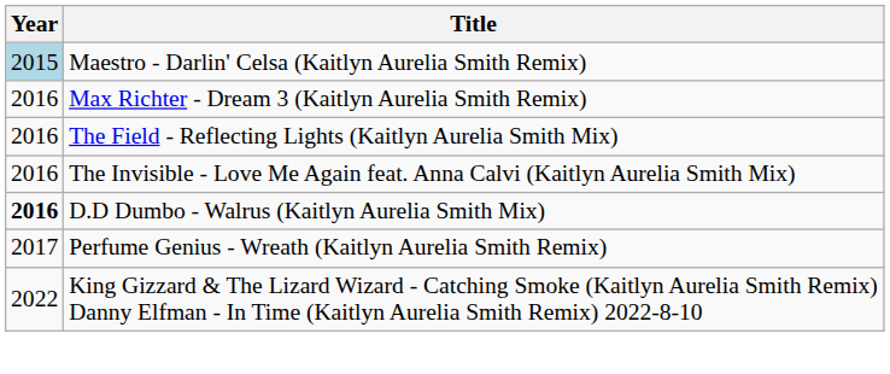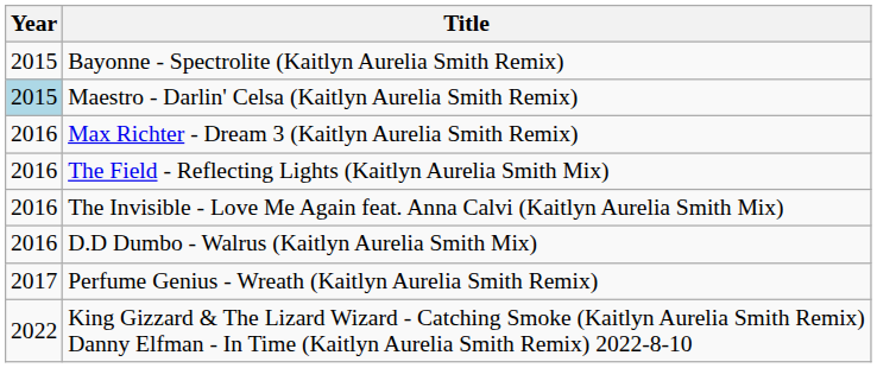 <table class="wikitable">
 <tr>
 <th>Year</th>
 <th>Title</th>
+</tr>
+<tr>
+<td>2015</td>
+<td>Bayonne - Spectrolite (Kaitlyn Aurelia Smith Remix)</td>
 </tr>
 <tr>
 <td style="background: lightblue;">2015</td>
 <td>Maestro - Darlin' Celsa (Kaitlyn Aurelia Smith Remix)</td>
 </tr>
 <tr>
 <td>2016</td>
 <td><a href='#'>Max Richter</a> - Dream 3 (Kaitlyn Aurelia Smith Remix)</td>
 </tr>
 <tr>
 <td>2016</td>
 <td><a href='#'>The Field</a> - Reflecting Lights (Kaitlyn Aurelia Smith Mix)</td>
 </tr>
 <tr>
 <td>2016</td>
 <td>The Invisible - Love Me Again feat. Anna Calvi (Kaitlyn Aurelia Smith Mix)</td>
 </tr>
 <tr>
-<td><strong>2016</strong></td>
+<td>2016</td>
 <td>D.D Dumbo - Walrus (Kaitlyn Aurelia Smith Mix)</td>
 </tr>
 <tr>
 <td>2017</td>
 <td>Perfume Genius - Wreath (Kaitlyn Aurelia Smith Remix)</td>
 </tr>
 <tr>
 <td>2022</td>
 <td>King Gizzard & The Lizard Wizard - Catching Smoke (Kaitlyn Aurelia Smith Remix)<br>Danny Elfman - In Time (Kaitlyn Aurelia Smith Remix) 2022-8-10</td>
 </tr>
 </table>
